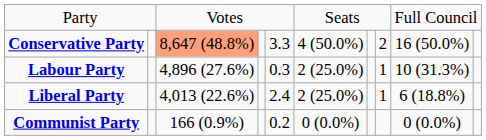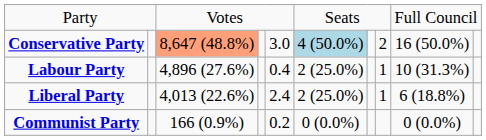 <table class=wikitable style="text-align:center;">
 <tr>
 <td colspan=2>Party</td>
 <td colspan=3>Votes</td>
 <td colspan=3>Seats</td>
 <td colspan=3>Full Council</td>
 </tr>
 <tr>
 <td><strong><a href='#'>Conservative Party</a></strong></td>
 <td style="background:"></td>
 <td style="background: lightsalmon;">8,647 (48.8%)</td>
 <td></td>
-<td> 3.3</td>
-<td>4 (50.0%)</td>
+<td> 3.0</td>
+<td style="background: lightblue;">4 (50.0%)</td>
 <td></td>
 <td> 2</td>
 <td>16 (50.0%)</td>
 <td></td>
 </tr>
 <tr>
 <td><strong><a href='#'>Labour Party</a></strong></td>
 <td style="background:"></td>
 <td>4,896 (27.6%)</td>
 <td></td>
-<td> 0.3</td>
+<td> 0.4</td>
 <td>2 (25.0%)</td>
 <td></td>
 <td> 1</td>
 <td>10 (31.3%)</td>
 <td></td>
 </tr>
 <tr>
 <td><strong><a href='#'>Liberal Party</a></strong></td>
 <td style="background:"></td>
 <td>4,013 (22.6%)</td>
 <td></td>
 <td> 2.4</td>
 <td>2 (25.0%)</td>
 <td></td>
 <td> 1</td>
 <td>6 (18.8%)</td>
 <td></td>
 </tr>
 <tr>
 <td><strong><a href='#'>Communist Party</a></strong></td>
 <td style="background:"></td>
 <td>166 (0.9%)</td>
 <td></td>
 <td> 0.2</td>
 <td>0 (0.0%)</td>
 <td></td>
 <td></td>
 <td>0 (0.0%)</td>
 <td></td>
 </tr>
 </table>
